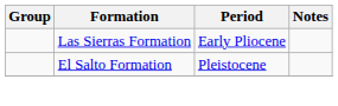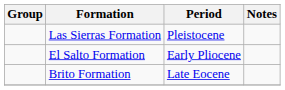 <table class="wikitable sortable">
 <tr>
 <th>Group</th>
 <th>Formation</th>
 <th>Period</th>
 <th class="unsortable">Notes</th>
 </tr>
 <tr>
 <td></td>
 <td><a href='#'>Las Sierras Formation</a></td>
+<td style="background-color: "><a href='#'>Pleistocene</a></td>
+<td align=center></td>
+</tr>
+<tr>
+<td></td>
+<td><a href='#'>El Salto Formation</a></td>
 <td style="background-color: "><a href='#'>Early Pliocene</a></td>
 <td align=center></td>
 </tr>
 <tr>
 <td></td>
-<td><a href='#'>El Salto Formation</a></td>
-<td style="background-color: "><a href='#'>Pleistocene</a></td>
+<td><a href='#'>Brito Formation</a></td>
+<td style="background-color: "><a href='#'>Late Eocene</a></td>
 <td align=center></td>
 </tr>
 <tr>
 </tr>
 </table>
